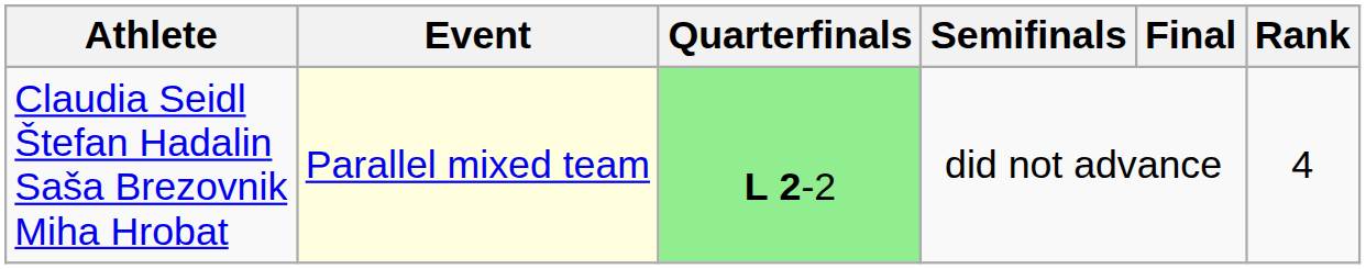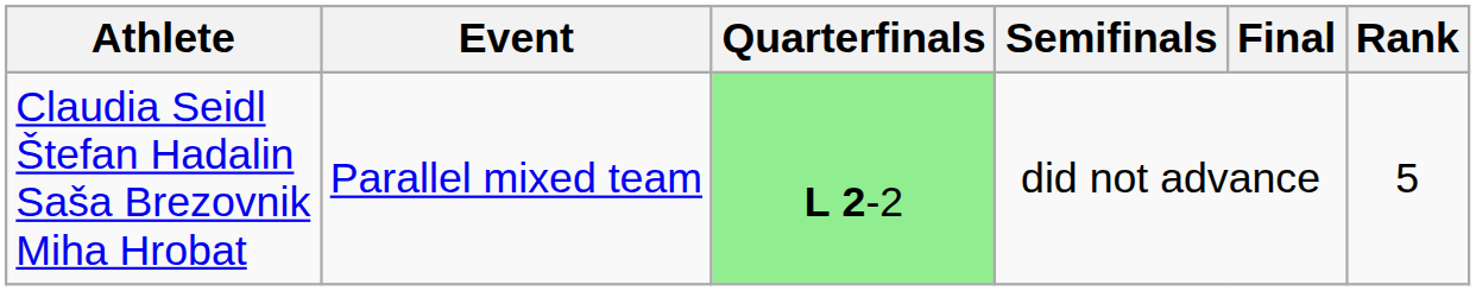 <table class="wikitable">
 <tr>
 <th>Athlete</th>
 <th>Event</th>
 <th>Quarterfinals</th>
 <th>Semifinals</th>
 <th>Final</th>
 <th>Rank</th>
 </tr>
 <tr>
 <td><a href='#'>Claudia Seidl</a><br><a href='#'>Štefan Hadalin</a><br><a href='#'>Saša Brezovnik</a><br><a href='#'>Miha Hrobat</a></td>
-<td style="background: lightyellow;"><a href='#'>Parallel mixed team</a></td>
+<td><a href='#'>Parallel mixed team</a></td>
 <td align="center" style="background: lightgreen;"><br><strong>L</strong> <strong>2</strong>-2</td>
 <td align="center" colspan=2>did not advance</td>
-<td align="center">4</td>
+<td align="center">5</td>
 </tr>
 </table>
